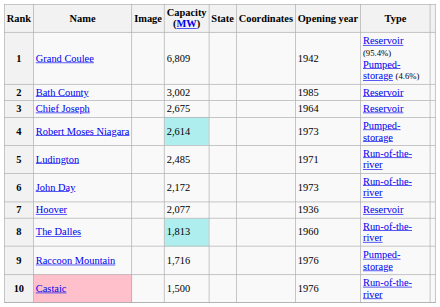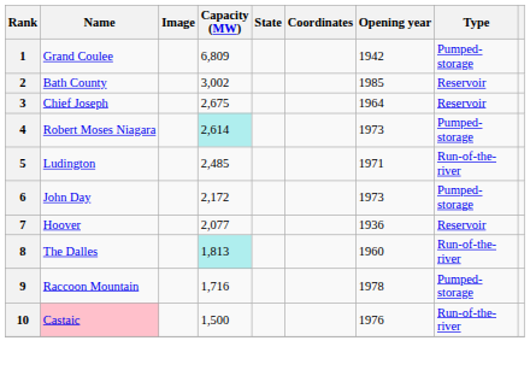 <table class="wikitable sortable">
 <tr>
 <th class="unsortable">Rank</th>
 <th>Name</th>
 <th>Image</th>
 <th>Capacity<br>(<a href='#'>MW</a>)</th>
 <th>State</th>
 <th>Coordinates</th>
 <th>Opening year</th>
 <th style="width: 100px">Type</th>
 <th class="unsortable"></th>
 </tr>
 <tr>
 <th>1</th>
 <td><a href='#'>Grand Coulee</a></td>
 <td></td>
 <td>6,809</td>
 <td></td>
 <td></td>
 <td>1942</td>
-<td><a href='#'>Reservoir</a> <small>(95.4%)</small><br><a href='#'>Pumped-storage</a> <small>(4.6%)</small></td>
+<td><a href='#'>Pumped-storage</a></td>
 <td></td>
 </tr>
 <tr>
 <th>2</th>
 <td><a href='#'>Bath County</a></td>
 <td></td>
 <td>3,002</td>
 <td></td>
 <td></td>
 <td>1985</td>
 <td><a href='#'>Reservoir</a></td>
 <td></td>
 </tr>
 <tr>
 <th>3</th>
 <td><a href='#'>Chief Joseph</a></td>
 <td></td>
 <td>2,675</td>
 <td></td>
 <td></td>
 <td>1964</td>
 <td><a href='#'>Reservoir</a></td>
 <td></td>
 </tr>
 <tr>
 <th>4</th>
 <td><a href='#'>Robert Moses Niagara</a></td>
 <td></td>
 <td style="background: paleturquoise;">2,614</td>
 <td></td>
 <td></td>
 <td>1973</td>
 <td><a href='#'>Pumped-storage</a></td>
 <td></td>
 </tr>
 <tr>
 <th>5</th>
 <td><a href='#'>Ludington</a></td>
 <td></td>
 <td>2,485</td>
 <td><br></td>
 <td></td>
 <td>1971</td>
 <td><a href='#'>Run-of-the-river</a></td>
 <td></td>
 </tr>
 <tr>
 <th>6</th>
 <td><a href='#'>John Day</a></td>
 <td></td>
 <td>2,172</td>
 <td></td>
 <td></td>
 <td>1973</td>
-<td><a href='#'>Run-of-the-river</a></td>
+<td><a href='#'>Pumped-storage</a></td>
 <td></td>
 </tr>
 <tr>
 <th>7</th>
 <td><a href='#'>Hoover</a></td>
 <td></td>
 <td>2,077</td>
 <td><br></td>
 <td></td>
 <td>1936</td>
 <td><a href='#'>Reservoir</a></td>
 <td></td>
 </tr>
 <tr>
 <th>8</th>
 <td><a href='#'>The Dalles</a></td>
 <td></td>
 <td style="background: paleturquoise;">1,813</td>
 <td><br></td>
 <td></td>
 <td>1960</td>
 <td><a href='#'>Run-of-the-river</a></td>
 <td></td>
 </tr>
 <tr>
 <th>9</th>
 <td><a href='#'>Raccoon Mountain</a></td>
 <td></td>
 <td>1,716</td>
 <td></td>
 <td></td>
-<td>1976</td>
+<td>1978</td>
 <td><a href='#'>Pumped-storage</a></td>
 <td></td>
 </tr>
 <tr>
 <th>10</th>
 <td style="background: pink;"><a href='#'>Castaic</a></td>
 <td></td>
 <td>1,500</td>
 <td></td>
 <td></td>
 <td>1976</td>
 <td><a href='#'>Run-of-the-river</a></td>
 <td></td>
 </tr>
 <tr>
 </tr>
 </table>
